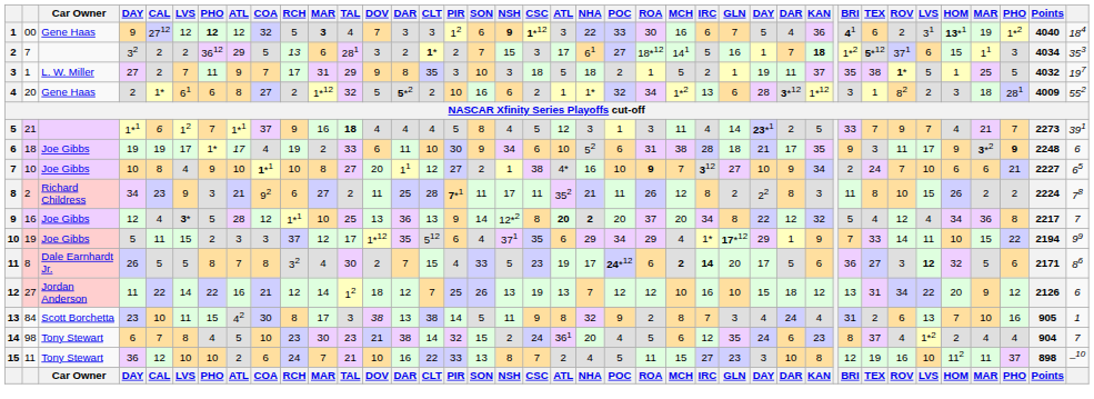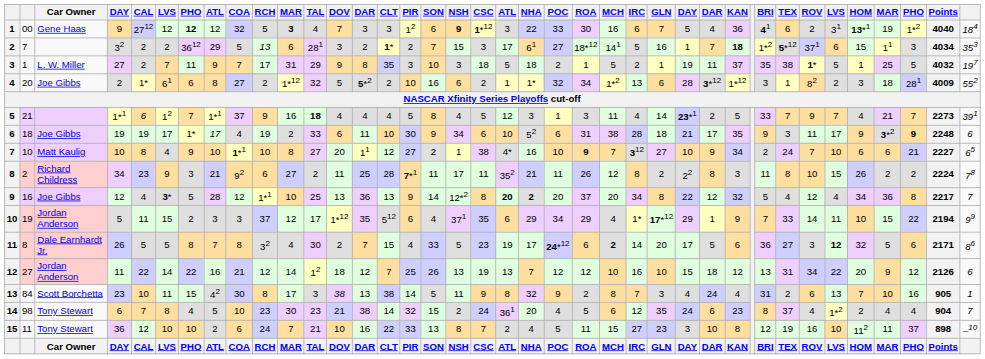 <table class="wikitable" style="font-size:77%; text-align:center;">
 <tr valign="top">
 <th valign="middle"></th>
 <th valign="middle"></th>
 <th valign="middle">Car Owner</th>
 <th><a href='#'>DAY</a></th>
 <th><a href='#'>CAL</a></th>
 <th><a href='#'>LVS</a></th>
 <th><a href='#'>PHO</a></th>
 <th><a href='#'>ATL</a></th>
 <th><a href='#'>COA</a></th>
 <th><a href='#'>RCH</a></th>
 <th><a href='#'>MAR</a></th>
 <th><a href='#'>TAL</a></th>
 <th><a href='#'>DOV</a></th>
 <th><a href='#'>DAR</a></th>
 <th><a href='#'>CLT</a></th>
 <th><a href='#'>PIR</a></th>
 <th><a href='#'>SON</a></th>
 <th><a href='#'>NSH</a></th>
 <th><a href='#'>CSC</a></th>
 <th><a href='#'>ATL</a></th>
 <th><a href='#'>NHA</a></th>
 <th><a href='#'>POC</a></th>
 <th><a href='#'>ROA</a></th>
 <th><a href='#'>MCH</a></th>
 <th><a href='#'>IRC</a></th>
 <th><a href='#'>GLN</a></th>
 <th><a href='#'>DAY</a></th>
 <th><a href='#'>DAR</a></th>
 <th><a href='#'>KAN</a></th>
 <th rowspan=5></th>
 <th><a href='#'>BRI</a></th>
 <th><a href='#'>TEX</a></th>
 <th><a href='#'>ROV</a></th>
 <th><a href='#'>LVS</a></th>
 <th><a href='#'>HOM</a></th>
 <th><a href='#'>MAR</a></th>
 <th><a href='#'>PHO</a></th>
 <th valign="middle"><a href='#'>Points</a></th>
 <th valign="middle"></th>
 </tr>
 <tr>
 <th>1</th>
 <td style="text-align:left">00</td>
 <td style="text-align:left"><a href='#'>Gene Haas</a></td>
 <td style="background:#FFDF9F;">9</td>
 <td style="background:#CFCFFF;">27<sup>12</sup></td>
 <td style="background:#DFFFDF;">12</td>
 <td style="background:#DFFFDF;"><strong>12</strong></td>
 <td style="background:#DFFFDF;">12</td>
 <td style="background:#CFCFFF;">32</td>
 <td style="background:#DFDFDF;">5</td>
 <td style="background:#DFDFDF;"><strong>3</strong></td>
 <td style="background:#DFDFDF;">4</td>
 <td style="background:#FFDF9F;">7</td>
 <td style="background:#DFDFDF;">3</td>
 <td style="background:#DFDFDF;">3</td>
 <td style="background:#FFFFBF;">1<sup>2</sup></td>
 <td style="background:#FFDF9F;">6</td>
 <td style="background:#FFDF9F;"><strong>9</strong></td>
 <td style="background:#FFFFBF;"><strong>1</strong>*<sup>12</sup></td>
 <td style="background:#DFDFDF;">3</td>
 <td style="background:#CFCFFF;">22</td>
 <td style="background:#CFCFFF;">33</td>
 <td style="background:#EFCFFF;">30</td>
 <td style="background:#DFFFDF;">16</td>
 <td style="background:#FFDF9F;">6</td>
 <td style="background:#FFDF9F;">7</td>
 <td style="background:#DFDFDF;">5</td>
 <td style="background:#DFDFDF;">4</td>
 <td style="background:#EFCFFF;">36</td>
 <td style="background:#DFDFDF;"><strong>4</strong><sup>1</sup></td>
 <td style="background:#FFDF9F;">6</td>
 <td style="background:#DFDFDF;">2</td>
 <td style="background:#DFDFDF;">3<sup>1</sup></td>
 <td style="background:#DFFFDF;"><strong>13</strong>*<sup>1</sup></td>
 <td style="background:#DFFFDF;">19</td>
 <td style="background:#FFFFBF;">1*<sup>2</sup></td>
 <th>4040</th>
 <td><em>18<sup>4</sup></em></td>
 </tr>
 <tr>
 <th>2</th>
 <td style="text-align:left">7</td>
 <td style="text-align:left"></td>
 <td style="background:#DFDFDF;">3<sup>2</sup></td>
 <td style="background:#DFDFDF;">2</td>
 <td style="background:#DFDFDF;">2</td>
 <td style="background:#EFCFFF;">36<sup>12</sup></td>
 <td style="background:#EFCFFF;">29</td>
 <td style="background:#DFDFDF;">5</td>
 <td style="background:#DFFFDF;"><em>13</em></td>
 <td style="background:#FFDF9F;">6</td>
 <td style="background:#EFCFFF;">28<sup>1</sup></td>
 <td style="background:#DFDFDF;">3</td>
 <td style="background:#DFDFDF;">2</td>
 <td style="background:#FFFFBF;"><strong>1</strong>*</td>
 <td style="background:#DFDFDF;">2</td>
 <td style="background:#FFDF9F;">7</td>
 <td style="background:#DFFFDF;">15</td>
 <td style="background:#DFDFDF;">3</td>
 <td style="background:#DFFFDF;">17</td>
 <td style="background:#FFDF9F;">6<sup>1</sup></td>
 <td style="background:#CFCFFF;">27</td>
 <td style="background:#DFFFDF;">18*<sup>12</sup></td>
 <td style="background:#DFFFDF;">14<sup>1</sup></td>
 <td style="background:#DFDFDF;">5</td>
 <td style="background:#DFFFDF;">16</td>
 <td style="background:#FFFFBF;">1</td>
 <td style="background:#FFDF9F;">7</td>
 <td style="background:#DFFFDF;"><strong>18</strong></td>
 <td style="background:#FFFFBF;">1*<sup>2</sup></td>
 <td style="background:#DFDFDF;"><strong>5</strong>*<sup>12</sup></td>
 <td style="background:#CFCFFF;">37<sup>1</sup></td>
 <td style="background:#FFDF9F;">6</td>
 <td style="background:#DFFFDF;">15</td>
 <td style="background:#FFFFBF;">1<sup>1</sup></td>
 <td style="background:#DFDFDF;">3</td>
 <th>4034</th>
 <td><em>35<sup>3</sup></em></td>
 </tr>
 <tr>
 <th>3</th>
 <td style="text-align:left">1</td>
 <td style="text-align:left"><a href='#'>L. W. Miller</a></td>
 <td style="background:#EFCFFF;">27</td>
 <td style="background:#DFDFDF;">2</td>
 <td style="background:#FFDF9F;">7</td>
 <td style="background:#DFFFDF;">11</td>
 <td style="background:#FFDF9F;">9</td>
 <td style="background:#FFDF9F;">7</td>
 <td style="background:#DFFFDF;">17</td>
 <td style="background:#EFCFFF;">31</td>
 <td style="background:#EFCFFF;">29</td>
 <td style="background:#FFDF9F;">9</td>
 <td style="background:#FFDF9F;">8</td>
 <td style="background:#CFCFFF;">35</td>
 <td style="background:#DFDFDF;">3</td>
 <td style="background:#FFDF9F;">10</td>
 <td style="background:#DFDFDF;">3</td>
 <td style="background:#DFFFDF;">18</td>
 <td style="background:#DFDFDF;">5</td>
 <td style="background:#DFFFDF;">18</td>
 <td style="background:#DFDFDF;">2</td>
 <td style="background:#FFFFBF;">1</td>
 <td style="background:#DFDFDF;">5</td>
 <td style="background:#DFDFDF;">2</td>
 <td style="background:#FFFFBF;">1</td>
 <td style="background:#DFFFDF;">19</td>
 <td style="background:#DFFFDF;">11</td>
 <td style="background:#EFCFFF;">37</td>
 <td style="background:#EFCFFF;">35</td>
 <td style="background:#EFCFFF;">38</td>
 <td style="background:#FFFFBF;"><strong>1</strong>*</td>
 <td style="background:#DFDFDF;">5</td>
 <td style="background:#FFFFBF;">1</td>
 <td style="background:#EFCFFF;">25</td>
 <td style="background:#DFDFDF;">5</td>
 <th>4032</th>
 <td><em>19<sup>7</sup></em></td>
 </tr>
 <tr>
 <th>4</th>
 <td style="text-align:left">20</td>
-<td style="text-align:left"><a href='#'>Gene Haas</a></td>
+<td style="text-align:left"><a href='#'>Joe Gibbs</a></td>
 <td style="background:#DFDFDF;">2</td>
 <td style="background:#FFFFBF;">1*</td>
 <td style="background:#FFDF9F;">6<sup>1</sup></td>
 <td style="background:#FFDF9F;">6</td>
 <td style="background:#FFDF9F;">8</td>
 <td style="background:#CFCFFF;">27</td>
 <td style="background:#DFDFDF;">2</td>
 <td style="background:#FFFFBF;">1*<sup>12</sup></td>
 <td style="background:#EFCFFF;">32</td>
 <td style="background:#DFDFDF;">5</td>
 <td style="background:#DFDFDF;"><strong>5</strong>*<sup>2</sup></td>
 <td style="background:#DFDFDF;">2</td>
 <td style="background:#FFDF9F;">10</td>
 <td style="background:#DFFFDF;">16</td>
 <td style="background:#FFDF9F;">6</td>
 <td style="background:#DFDFDF;">2</td>
 <td style="background:#FFFFBF;">1</td>
 <td style="background:#FFFFBF;">1*</td>
 <td style="background:#CFCFFF;">32</td>
 <td style="background:#EFCFFF;">34</td>
 <td style="background:#FFFFBF;">1*<sup>2</sup></td>
 <td style="background:#DFFFDF;">13</td>
 <td style="background:#FFDF9F;">6</td>
 <td style="background:#EFCFFF;">28</td>
 <td style="background:#DFDFDF;"><strong>3</strong>*<sup>12</sup></td>
 <td style="background:#FFFFBF;">1*<sup>12</sup></td>
 <td style="background:#DFDFDF;">3</td>
 <td style="background:#FFFFBF;">1</td>
 <td style="background:#FFDF9F;">8<sup>2</sup></td>
 <td style="background:#DFDFDF;">2</td>
 <td style="background:#DFDFDF;">3</td>
 <td style="background:#DFFFDF;">18</td>
 <td style="background:#CFCFFF;">28<sup>1</sup></td>
 <th>4009</th>
 <td><em>55<sup>2</sup></em></td>
 </tr>
 <tr>
 <th colspan="39"><a href='#'>NASCAR Xfinity Series Playoffs</a> cut-off</th>
 </tr>
 <tr>
 <th>5</th>
 <td style="text-align:left; background:#efcfff;">21</td>
 <td style="text-align:left; background:#efcfff;"></td>
 <td style="background:#FFFFBF;">1*<sup>1</sup></td>
 <td style="background:#FFDF9F;"><em>6</em></td>
 <td style="background:#FFFFBF;">1<sup>2</sup></td>
 <td style="background:#FFDF9F;">7</td>
 <td style="background:#FFFFBF;">1*<sup>1</sup></td>
 <td style="background:#EFCFFF;">37</td>
 <td style="background:#FFDF9F;">9</td>
 <td style="background:#DFFFDF;">16</td>
 <td style="background:#DFFFDF;"><strong>18</strong></td>
 <td style="background:#DFDFDF;">4</td>
 <td style="background:#DFDFDF;">4</td>
 <td style="background:#DFDFDF;">4</td>
 <td style="background:#DFDFDF;">5</td>
 <td style="background:#FFDF9F;">8</td>
 <td style="background:#DFDFDF;">4</td>
 <td style="background:#DFDFDF;">5</td>
 <td style="background:#DFFFDF;">12</td>
 <td style="background:#DFDFDF;">3</td>
 <td style="background:#FFFFBF;">1</td>
 <td style="background:#DFDFDF;">3</td>
 <td style="background:#DFFFDF;">11</td>
 <td style="background:#DFDFDF;">4</td>
 <td style="background:#DFFFDF;">14</td>
 <td style="background:#CFCFFF;"><strong>23</strong>*<sup>1</sup></td>
 <td style="background:#DFDFDF;">2</td>
 <td style="background:#DFDFDF;">5</td>
 <th rowspan=12></th>
 <td style="background:#EFCFFF;">33</td>
 <td style="background:#FFDF9F;">7</td>
 <td style="background:#FFDF9F;">9</td>
 <td style="background:#FFDF9F;">7</td>
 <td style="background:#DFDFDF;">4</td>
 <td style="background:#EFCFFF;">21</td>
 <td style="background:#FFDF9F;">7</td>
 <th>2273</th>
 <td><em>39<sup>1</sup></em></td>
 </tr>
 <tr>
 <th>6</th>
 <td style="text-align:left; background:#efcfff;">18</td>
 <td style="text-align:left; background:#efcfff;"><a href='#'>Joe Gibbs</a></td>
 <td style="background:#DFFFDF;">19</td>
 <td style="background:#DFFFDF;">19</td>
 <td style="background:#DFFFDF;">17</td>
 <td style="background:#FFFFBF;">1*</td>
 <td style="background:#DFFFDF;"><em>17</em></td>
 <td style="background:#DFDFDF;">4</td>
 <td style="background:#DFFFDF;">19</td>
 <td style="background:#DFDFDF;">2</td>
 <td style="background:#EFCFFF;">33</td>
 <td style="background:#FFDF9F;">6</td>
 <td style="background:#DFFFDF;">11</td>
 <td style="background:#FFDF9F;">10</td>
 <td style="background:#CFCFFF;">30</td>
 <td style="background:#FFDF9F;">9</td>
 <td style="background:#EFCFFF;">34</td>
 <td style="background:#FFDF9F;">6</td>
 <td style="background:#FFDF9F;">10</td>
 <td style="background:#DFDFDF;">5<sup>2</sup></td>
 <td style="background:#FFDF9F;">6</td>
 <td style="background:#EFCFFF;">31</td>
 <td style="background:#EFCFFF;">38</td>
 <td style="background:#CFCFFF;">28</td>
 <td style="background:#DFFFDF;">18</td>
 <td style="background:#CFCFFF;">21</td>
 <td style="background:#DFFFDF;">17</td>
 <td style="background:#EFCFFF;">35</td>
 <td style="background:#FFDF9F;">9</td>
 <td style="background:#DFDFDF;">3</td>
 <td style="background:#DFFFDF;">11</td>
 <td style="background:#DFFFDF;">17</td>
 <td style="background:#FFDF9F;">9</td>
 <td style="background:#DFDFDF;"><strong>3</strong>*<sup>2</sup></td>
 <td style="background:#FFDF9F;"><strong>9</strong></td>
 <th>2248</th>
 <td><em>6</em></td>
 </tr>
 <tr>
 <th>7</th>
 <td style="text-align:left; background:#efcfff;">10</td>
-<td style="text-align:left; background:#efcfff;"><a href='#'>Joe Gibbs</a></td>
+<td style="text-align:left; background:#efcfff;"><a href='#'>Matt Kaulig</a></td>
 <td style="background:#FFDF9F;">10</td>
 <td style="background:#FFDF9F;">8</td>
 <td style="background:#DFDFDF;">4</td>
 <td style="background:#FFDF9F;">9</td>
 <td style="background:#FFDF9F;">10</td>
 <td style="background:#FFFFBF;"><strong>1</strong>*<sup>1</sup></td>
 <td style="background:#FFDF9F;">10</td>
 <td style="background:#FFDF9F;">8</td>
 <td style="background:#EFCFFF;">27</td>
 <td style="background:#DFFFDF;">20</td>
 <td style="background:#FFFFBF;">1<sup>1</sup></td>
 <td style="background:#DFFFDF;">12</td>
 <td style="background:#CFCFFF;">27</td>
 <td style="background:#DFDFDF;">2</td>
 <td style="background:#FFFFBF;">1</td>
 <td style="background:#EFCFFF;">38</td>
 <td style="background:#DFDFDF;">4*</td>
 <td style="background:#DFFFDF;">16</td>
 <td style="background:#FFDF9F;">10</td>
 <td style="background:#FFDF9F;"><strong>9</strong></td>
 <td style="background:#FFDF9F;">7</td>
 <td style="background:#DFDFDF;"><strong>3</strong><sup>12</sup></td>
 <td style="background:#EFCFFF;">27</td>
 <td style="background:#FFDF9F;">10</td>
 <td style="background:#FFDF9F;">9</td>
 <td style="background:#CFCFFF;">34</td>
 <td style="background:#DFDFDF;">2</td>
 <td style="background:#EFCFFF;">24</td>
 <td style="background:#FFDF9F;">7</td>
 <td style="background:#FFDF9F;">10</td>
 <td style="background:#FFDF9F;">6</td>
 <td style="background:#FFDF9F;">6</td>
 <td style="background:#CFCFFF;">21</td>
 <th>2227</th>
 <td><em>6<sup>5</sup></em></td>
 </tr>
 <tr>
 <th>8</th>
 <td style="text-align:left; background:#ffcfcf;">2</td>
 <td style="text-align:left; background:#ffcfcf;"><a href='#'>Richard Childress</a></td>
 <td style="background:#EFCFFF;">34</td>
 <td style="background:#CFCFFF;">23</td>
 <td style="background:#FFDF9F;">9</td>
 <td style="background:#DFDFDF;">3</td>
 <td style="background:#CFCFFF;">21</td>
 <td style="background:#FFDF9F;">9<sup>2</sup></td>
 <td style="background:#FFDF9F;">6</td>
 <td style="background:#CFCFFF;">27</td>
 <td style="background:#DFDFDF;">2</td>
 <td style="background:#DFFFDF;">11</td>
 <td style="background:#CFCFFF;">25</td>
 <td style="background:#CFCFFF;">28</td>
 <td style="background:#FFDF9F;"><strong>7</strong>*<sup>1</sup></td>
 <td style="background:#DFFFDF;">11</td>
 <td style="background:#DFFFDF;">17</td>
 <td style="background:#DFFFDF;">11</td>
 <td style="background:#EFCFFF;">35<sup>2</sup></td>
 <td style="background:#CFCFFF;">21</td>
 <td style="background:#DFFFDF;">11</td>
 <td style="background:#CFCFFF;">26</td>
 <td style="background:#DFFFDF;">12</td>
 <td style="background:#FFDF9F;">8</td>
 <td style="background:#DFDFDF;">2</td>
 <td style="background:#DFDFDF;">2<sup>2</sup></td>
 <td style="background:#FFDF9F;">8</td>
 <td style="background:#DFDFDF;">3</td>
 <td style="background:#DFFFDF;">11</td>
 <td style="background:#FFDF9F;">8</td>
 <td style="background:#FFDF9F;">10</td>
 <td style="background:#DFFFDF;">15</td>
 <td style="background:#CFCFFF;">26</td>
 <td style="background:#DFDFDF;">2</td>
 <td style="background:#DFDFDF;">2</td>
 <th>2224</th>
 <td><em>7<sup>8</sup></em></td>
 </tr>
 <tr>
 <th>9</th>
 <td style="text-align:left; background:#efcfff;">16</td>
 <td style="text-align:left; background:#efcfff;"><a href='#'>Joe Gibbs</a></td>
 <td style="background:#DFFFDF;">12</td>
 <td style="background:#DFDFDF;">4</td>
 <td style="background:#DFDFDF;"><strong>3</strong>*</td>
 <td style="background:#DFDFDF;">5</td>
 <td style="background:#EFCFFF;">28</td>
 <td style="background:#DFFFDF;">12</td>
 <td style="background:#FFFFBF;">1*<sup>1</sup></td>
 <td style="background:#FFDF9F;">10</td>
 <td style="background:#EFCFFF;">25</td>
 <td style="background:#DFFFDF;">13</td>
 <td style="background:#EFCFFF;">36</td>
 <td style="background:#DFFFDF;">13</td>
 <td style="background:#FFDF9F;">9</td>
 <td style="background:#DFFFDF;">14</td>
 <td style="background:#DFFFDF;">12*<sup>2</sup></td>
 <td style="background:#FFDF9F;">8</td>
 <td style="background:#DFFFDF;"><strong>20</strong></td>
 <td style="background:#DFDFDF;"><strong>2</strong></td>
 <td style="background:#DFFFDF;">20</td>
 <td style="background:#EFCFFF;">37</td>
 <td style="background:#DFFFDF;">20</td>
 <td style="background:#EFCFFF;">34</td>
 <td style="background:#FFDF9F;">8</td>
 <td style="background:#CFCFFF;">22</td>
 <td style="background:#DFFFDF;">12</td>
 <td style="background:#CFCFFF;">32</td>
 <td style="background:#DFDFDF;">5</td>
 <td style="background:#DFDFDF;">4</td>
 <td style="background:#DFFFDF;">12</td>
 <td style="background:#DFDFDF;">4</td>
 <td style="background:#EFCFFF;">34</td>
 <td style="background:#EFCFFF;">36</td>
 <td style="background:#FFDF9F;">8</td>
 <th>2217</th>
 <td><em>7</em></td>
 </tr>
 <tr>
 <th>10</th>
 <td style="text-align:left; background:#ffcfcf;">19</td>
-<td style="text-align:left; background:#ffcfcf;"><a href='#'>Joe Gibbs</a></td>
+<td style="text-align:left; background:#ffcfcf;"><a href='#'>Jordan Anderson</a></td>
 <td style="background:#DFDFDF;">5</td>
 <td style="background:#DFFFDF;">11</td>
 <td style="background:#DFFFDF;">15</td>
 <td style="background:#DFDFDF;">2</td>
 <td style="background:#DFDFDF;">3</td>
 <td style="background:#DFDFDF;">3</td>
 <td style="background:#CFCFFF;">37</td>
 <td style="background:#DFFFDF;">12</td>
 <td style="background:#DFFFDF;">17</td>
 <td style="background:#FFFFBF;">1*<sup>12</sup></td>
 <td style="background:#EFCFFF;">35</td>
 <td style="background:#DFDFDF;">5<sup>12</sup></td>
 <td style="background:#FFDF9F;">6</td>
 <td style="background:#DFDFDF;">4</td>
 <td style="background:#EFCFFF;">37<sup>1</sup></td>
 <td style="background:#CFCFFF;">35</td>
 <td style="background:#FFDF9F;">6</td>
 <td style="background:#EFCFFF;">29</td>
 <td style="background:#EFCFFF;">34</td>
 <td style="background:#EFCFFF;">29</td>
 <td style="background:#DFDFDF;">4</td>
 <td style="background:#FFFFBF;">1*</td>
 <td style="background:#DFFFDF;"><strong>17</strong>*<sup>12</sup></td>
 <td style="background:#EFCFFF;">29</td>
 <td style="background:#FFFFBF;">1</td>
 <td style="background:#FFDF9F;">9</td>
 <td style="background:#FFDF9F;">7</td>
 <td style="background:#EFCFFF;">33</td>
 <td style="background:#DFFFDF;">14</td>
 <td style="background:#DFFFDF;">11</td>
 <td style="background:#FFDF9F;">10</td>
 <td style="background:#DFFFDF;">15</td>
 <td style="background:#CFCFFF;">22</td>
 <th>2194</th>
 <td><em>9<sup>9</sup></em></td>
 </tr>
 <tr>
 <th>11</th>
 <td style="text-align:left; background:#ffcfcf;">8</td>
 <td style="text-align:left; background:#ffcfcf;"><a href='#'>Dale Earnhardt Jr.</a></td>
 <td style="background:#CFCFFF;">26</td>
 <td style="background:#DFDFDF;">5</td>
 <td style="background:#DFDFDF;">5</td>
 <td style="background:#FFDF9F;">8</td>
 <td style="background:#FFDF9F;">7</td>
 <td style="background:#FFDF9F;">8</td>
 <td style="background:#DFDFDF;">3<sup>2</sup></td>
 <td style="background:#DFDFDF;">4</td>
 <td style="background:#EFCFFF;">30</td>
 <td style="background:#DFDFDF;">2</td>
 <td style="background:#FFDF9F;">7</td>
 <td style="background:#DFFFDF;">15</td>
 <td style="background:#DFDFDF;">4</td>
 <td style="background:#CFCFFF;">33</td>
 <td style="background:#DFDFDF;">5</td>
 <td style="background:#CFCFFF;">23</td>
 <td style="background:#DFFFDF;">19</td>
 <td style="background:#DFFFDF;">17</td>
 <td style="background:#CFCFFF;"><strong>24</strong>*<sup>12</sup></td>
 <td style="background:#FFDF9F;">6</td>
 <td style="background:#DFDFDF;"><strong>2</strong></td>
-<td style="background:#DFFFDF;"><strong>14</strong></td>
+<td style="background:#DFFFDF;">14</td>
 <td style="background:#DFFFDF;">20</td>
 <td style="background:#DFFFDF;">17</td>
 <td style="background:#DFDFDF;">5</td>
 <td style="background:#FFDF9F;">6</td>
 <td style="background:#EFCFFF;">36</td>
 <td style="background:#CFCFFF;">27</td>
 <td style="background:#DFDFDF;">3</td>
 <td style="background:#DFFFDF;"><strong>12</strong></td>
 <td style="background:#EFCFFF;">32</td>
 <td style="background:#DFDFDF;">5</td>
 <td style="background:#FFDF9F;">6</td>
 <th>2171</th>
 <td><em>8<sup>6</sup></em></td>
 </tr>
 <tr>
 <th>12</th>
 <td style="text-align:left; background:#ffcfcf;">27</td>
 <td style="text-align:left; background:#ffcfcf;"><a href='#'>Jordan Anderson</a></td>
 <td style="background:#DFFFDF;">11</td>
 <td style="background:#CFCFFF;">22</td>
 <td style="background:#DFFFDF;">14</td>
 <td style="background:#CFCFFF;">22</td>
 <td style="background:#DFFFDF;">16</td>
 <td style="background:#CFCFFF;">21</td>
 <td style="background:#DFFFDF;">12</td>
 <td style="background:#DFFFDF;">14</td>
 <td style="background:#FFFFBF;">1<sup>2</sup></td>
 <td style="background:#DFFFDF;">18</td>
 <td style="background:#DFFFDF;">12</td>
 <td style="background:#FFDF9F;">7</td>
 <td style="background:#CFCFFF;">25</td>
 <td style="background:#CFCFFF;">26</td>
 <td style="background:#DFFFDF;">13</td>
 <td style="background:#DFFFDF;">19</td>
 <td style="background:#DFFFDF;">13</td>
 <td style="background:#FFDF9F;">7</td>
 <td style="background:#DFFFDF;">12</td>
 <td style="background:#DFFFDF;">12</td>
 <td style="background:#FFDF9F;">10</td>
 <td style="background:#DFFFDF;">16</td>
 <td style="background:#FFDF9F;">10</td>
 <td style="background:#DFFFDF;">15</td>
 <td style="background:#DFFFDF;">18</td>
 <td style="background:#DFFFDF;">12</td>
 <td style="background:#DFFFDF;">13</td>
 <td style="background:#EFCFFF;">31</td>
 <td style="background:#CFCFFF;">34</td>
 <td style="background:#CFCFFF;">22</td>
 <td style="background:#DFFFDF;">20</td>
 <td style="background:#FFDF9F;">9</td>
 <td style="background:#DFFFDF;">12</td>
 <th>2126</th>
 <td><em>6</em></td>
 </tr>
 <tr>
 <th>13</th>
 <td style="text-align:left">84</td>
 <td style="text-align:left"><a href='#'>Scott Borchetta</a></td>
 <td style="background:#CFCFFF;">23</td>
 <td style="background:#FFDF9F;">10</td>
 <td style="background:#DFFFDF;">11</td>
 <td style="background:#DFFFDF;">15</td>
 <td style="background:#DFDFDF;">4<sup>2</sup></td>
 <td style="background:#CFCFFF;">30</td>
 <td style="background:#FFDF9F;">8</td>
 <td style="background:#DFFFDF;">17</td>
 <td style="background:#DFDFDF;">3</td>
 <td style="background:#EFCFFF;"><em>38</em></td>
 <td style="background:#DFFFDF;">13</td>
 <td style="background:#CFCFFF;">38</td>
 <td style="background:#DFFFDF;">14</td>
 <td style="background:#DFDFDF;">5</td>
 <td style="background:#DFFFDF;">11</td>
 <td style="background:#FFDF9F;">9</td>
 <td style="background:#FFDF9F;">8</td>
 <td style="background:#EFCFFF;">32</td>
 <td style="background:#FFDF9F;">9</td>
 <td style="background:#DFDFDF;">2</td>
 <td style="background:#FFDF9F;">8</td>
 <td style="background:#FFDF9F;">7</td>
 <td style="background:#DFDFDF;">3</td>
 <td style="background:#DFDFDF;">4</td>
 <td style="background:#CFCFFF;">24</td>
 <td style="background:#DFDFDF;">4</td>
 <td style="background:#CFCFFF;">31</td>
 <td style="background:#DFDFDF;">2</td>
 <td style="background:#FFDF9F;">6</td>
 <td style="background:#DFFFDF;">13</td>
 <td style="background:#FFDF9F;">7</td>
 <td style="background:#FFDF9F;">10</td>
 <td style="background:#DFFFDF;">16</td>
 <th>905</th>
 <td><em>1</em></td>
 </tr>
 <tr>
 <th>14</th>
 <td style="text-align:left">98</td>
 <td style="text-align:left"><a href='#'>Tony Stewart</a></td>
 <td style="background:#FFDF9F;">6</td>
 <td style="background:#FFDF9F;">7</td>
 <td style="background:#FFDF9F;">8</td>
 <td style="background:#DFDFDF;">4</td>
 <td style="background:#DFDFDF;">5</td>
 <td style="background:#FFDF9F;">10</td>
 <td style="background:#CFCFFF;">23</td>
 <td style="background:#EFCFFF;">30</td>
 <td style="background:#EFCFFF;">23</td>
 <td style="background:#CFCFFF;">21</td>
 <td style="background:#EFCFFF;">38</td>
 <td style="background:#DFFFDF;">14</td>
 <td style="background:#EFCFFF;">32</td>
 <td style="background:#DFFFDF;">15</td>
 <td style="background:#DFDFDF;">2</td>
 <td style="background:#CFCFFF;">24</td>
 <td style="background:#EFCFFF;">36<sup>1</sup></td>
 <td style="background:#DFFFDF;">20</td>
 <td style="background:#DFDFDF;">4</td>
 <td style="background:#DFDFDF;">5</td>
 <td style="background:#FFDF9F;">6</td>
 <td style="background:#DFFFDF;">12</td>
 <td style="background:#EFCFFF;">35</td>
 <td style="background:#CFCFFF;">24</td>
 <td style="background:#FFDF9F;">6</td>
 <td style="background:#CFCFFF;">23</td>
 <td style="background:#FFDF9F;">8</td>
 <td style="background:#EFCFFF;">37</td>
 <td style="background:#DFDFDF;">4</td>
 <td style="background:#FFFFBF;">1*<sup>2</sup></td>
 <td style="background:#DFDFDF;">2</td>
 <td style="background:#DFDFDF;">4</td>
 <td style="background:#DFDFDF;">4</td>
 <th>904</th>
 <td><em>7</em></td>
 </tr>
 <tr>
 <th>15</th>
 <td style="text-align:left">11</td>
 <td style="text-align:left"><a href='#'>Tony Stewart</a></td>
 <td style="background:#EFCFFF;">36</td>
 <td style="background:#DFFFDF;">12</td>
 <td style="background:#FFDF9F;">10</td>
 <td style="background:#FFDF9F;">10</td>
 <td style="background:#DFDFDF;">2</td>
 <td style="background:#FFDF9F;">6</td>
 <td style="background:#CFCFFF;">24</td>
 <td style="background:#FFDF9F;">7</td>
 <td style="background:#EFCFFF;">21</td>
 <td style="background:#FFDF9F;">10</td>
 <td style="background:#DFFFDF;">16</td>
 <td style="background:#CFCFFF;">22</td>
 <td style="background:#CFCFFF;">33</td>
 <td style="background:#DFFFDF;">13</td>
 <td style="background:#FFDF9F;">8</td>
 <td style="background:#FFDF9F;">7</td>
 <td style="background:#DFDFDF;">2</td>
 <td style="background:#DFDFDF;">4</td>
 <td style="background:#DFDFDF;">5</td>
 <td style="background:#DFFFDF;">11</td>
 <td style="background:#DFFFDF;">15</td>
 <td style="background:#CFCFFF;">27</td>
 <td style="background:#CFCFFF;">23</td>
 <td style="background:#DFDFDF;">3</td>
 <td style="background:#FFDF9F;">10</td>
 <td style="background:#FFDF9F;">8</td>
 <td style="background:#DFFFDF;">12</td>
 <td style="background:#DFFFDF;">19</td>
 <td style="background:#DFFFDF;">16</td>
 <td style="background:#FFDF9F;">10</td>
 <td style="background:#DFFFDF;">11<sup>2</sup></td>
 <td style="background:#DFFFDF;">11</td>
 <td style="background:#EFCFFF;">37</td>
 <th>898</th>
 <td><em>–<sup>10</sup></em></td>
 </tr>
 <tr>
 <th valign="middle"></th>
 <th valign="middle"></th>
 <th valign="middle">Car Owner</th>
 <th><a href='#'>DAY</a></th>
 <th><a href='#'>CAL</a></th>
 <th><a href='#'>LVS</a></th>
 <th><a href='#'>PHO</a></th>
 <th><a href='#'>ATL</a></th>
 <th><a href='#'>COA</a></th>
 <th><a href='#'>RCH</a></th>
 <th><a href='#'>MAR</a></th>
 <th><a href='#'>TAL</a></th>
 <th><a href='#'>DOV</a></th>
 <th><a href='#'>DAR</a></th>
 <th><a href='#'>CLT</a></th>
 <th><a href='#'>PIR</a></th>
 <th><a href='#'>SON</a></th>
 <th><a href='#'>NSH</a></th>
 <th><a href='#'>CSC</a></th>
 <th><a href='#'>ATL</a></th>
 <th><a href='#'>NHA</a></th>
 <th><a href='#'>POC</a></th>
 <th><a href='#'>ROA</a></th>
 <th><a href='#'>MCH</a></th>
 <th><a href='#'>IRC</a></th>
 <th><a href='#'>GLN</a></th>
 <th><a href='#'>DAY</a></th>
 <th><a href='#'>DAR</a></th>
 <th><a href='#'>KAN</a></th>
 <th><a href='#'>BRI</a></th>
 <th><a href='#'>TEX</a></th>
 <th><a href='#'>ROV</a></th>
 <th><a href='#'>LVS</a></th>
 <th><a href='#'>HOM</a></th>
 <th><a href='#'>MAR</a></th>
 <th><a href='#'>PHO</a></th>
 <th valign="middle"><a href='#'>Points</a></th>
 <th valign="middle"></th>
 </tr>
 </table>
